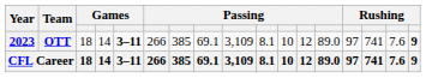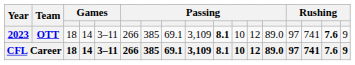 <table class="wikitable" style="text-align:center;">
 <tr>
 <th rowspan="2">Year</th>
 <th rowspan="2">Team</th>
 <th colspan="3">Games</th>
 <th colspan="8">Passing</th>
 <th colspan="4">Rushing</th>
 </tr>
 <tr>
 <th></th>
 <th></th>
 <th></th>
 <th></th>
 <th></th>
 <th></th>
 <th></th>
 <th></th>
 <th></th>
 <th></th>
 <th></th>
 <th></th>
 <th></th>
 <th></th>
 <th></th>
 </tr>
 <tr>
 <th><a href='#'>2023</a></th>
 <th><a href='#'>OTT</a></th>
 <td>18</td>
 <td>14</td>
-<td><strong>3–11</strong></td>
+<td>3–11</td>
 <td>266</td>
 <td>385</td>
 <td>69.1</td>
 <td>3,109</td>
-<td>8.1</td>
+<td><strong>8.1</strong></td>
 <td>10</td>
 <td>12</td>
 <td>89.0</td>
 <td>97</td>
 <td>741</td>
-<td>7.6</td>
-<td><strong>9</strong></td>
+<td><strong>7.6</strong></td>
+<td>9</td>
 </tr>
 <tr>
 <th colspan="2"><a href='#'>CFL</a> Career</th>
 <th>18</th>
 <th>14</th>
 <th>3–11</th>
 <th>266</th>
 <th>385</th>
 <th>69.1</th>
 <th>3,109</th>
 <th>8.1</th>
 <th>10</th>
 <th>12</th>
 <th>89.0</th>
 <th>97</th>
 <th>741</th>
 <th>7.6</th>
 <th>9</th>
 </tr>
 </table>
